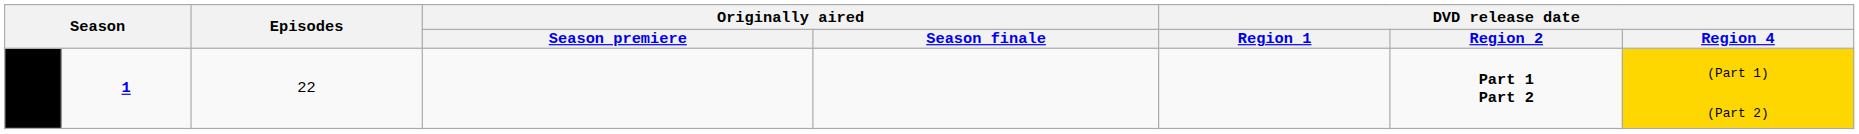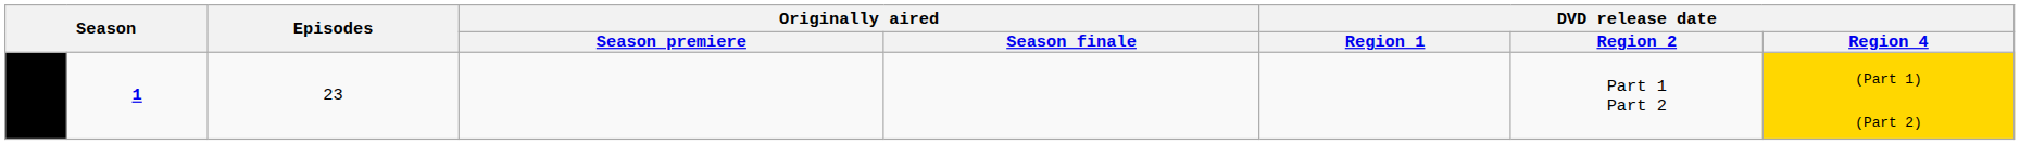 <table class="wikitable"  style="width:99%; text-align:center;">
 <tr>
 <th style="padding: 0 8px;" colspan="2" rowspan="2">Season</th>
 <th style="padding: 0 8px;" rowspan="2">Episodes</th>
 <th colspan="2">Originally aired</th>
 <th colspan="3">DVD release date</th>
 </tr>
 <tr>
 <th style="padding: 0 8px;"><a href='#'>Season premiere</a></th>
 <th style="padding: 0 8px;"><a href='#'>Season finale</a></th>
 <th style="padding: 0 8px;"><a href='#'>Region 1</a></th>
 <th style="padding: 0 8px;"><a href='#'>Region 2</a></th>
 <th style="padding: 0 8px;"><a href='#'>Region 4</a></th>
 </tr>
 <tr>
 <td style="background:#000000;"></td>
 <td><strong><a href='#'>1</a></strong></td>
-<td>22</td>
+<td>23</td>
 <td style="padding: 0 8px;"></td>
 <td style="padding: 0 8px;"></td>
 <td></td>
-<td><strong>Part 1 <br>Part 2</strong></td>
+<td>Part 1 <br>Part 2</td>
 <td style="background: gold; padding: 0 8px;"><br><sup>(Part 1)</sup><br><br><sup>(Part 2)</sup></td>
 </tr>
 </table>
